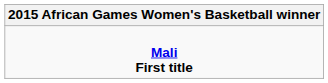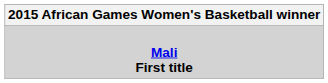 <table class=wikitable style="text-align:center; margin:auto">
 <tr>
 <th>2015 African Games Women's Basketball winner</th>
 </tr>
 <tr>
-<td><br><strong><a href='#'>Mali</a></strong><br><strong>First title</strong></td>
+<td style="background: lightgrey;"><br><strong><a href='#'>Mali</a></strong><br><strong>First title</strong></td>
 </tr>
 </table>
